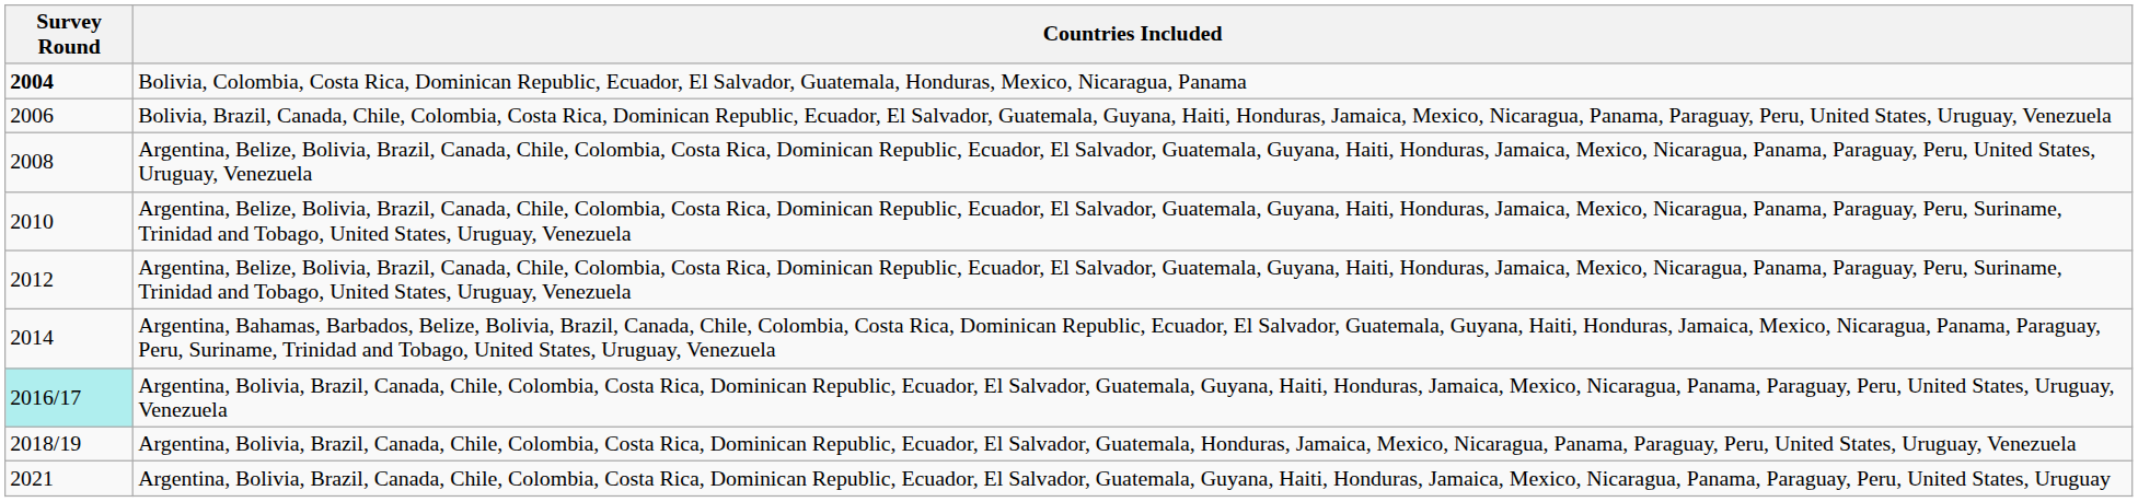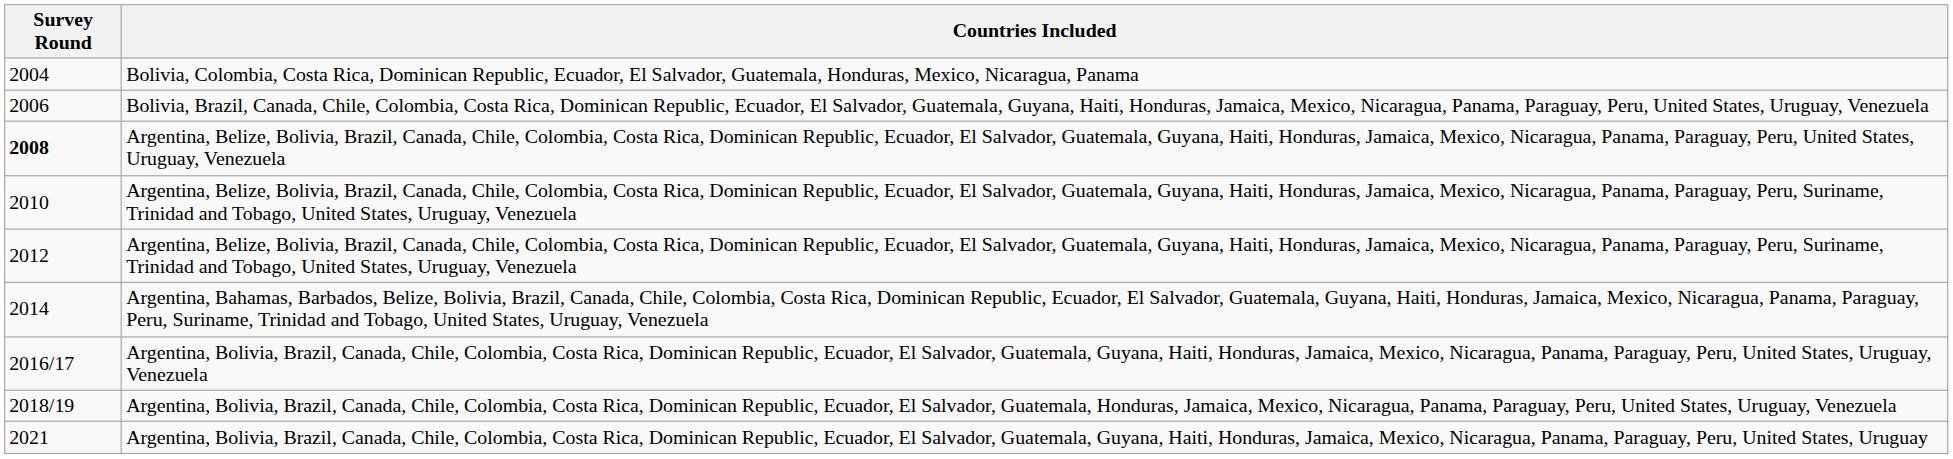 <table class="wikitable">
 <tr>
 <th>Survey Round</th>
 <th>Countries Included</th>
 </tr>
 <tr>
-<td><strong>2004</strong></td>
+<td>2004</td>
 <td>Bolivia, Colombia, Costa Rica, Dominican Republic, Ecuador, El Salvador, Guatemala, Honduras, Mexico, Nicaragua, Panama</td>
 </tr>
 <tr>
 <td>2006</td>
 <td>Bolivia, Brazil, Canada, Chile, Colombia, Costa Rica, Dominican Republic, Ecuador, El Salvador, Guatemala, Guyana, Haiti, Honduras, Jamaica, Mexico, Nicaragua, Panama, Paraguay, Peru, United States, Uruguay, Venezuela</td>
 </tr>
 <tr>
-<td>2008</td>
+<td><strong>2008</strong></td>
 <td>Argentina, Belize, Bolivia, Brazil, Canada, Chile, Colombia, Costa Rica, Dominican Republic, Ecuador, El Salvador, Guatemala, Guyana, Haiti, Honduras, Jamaica, Mexico, Nicaragua, Panama, Paraguay, Peru, United States, Uruguay, Venezuela</td>
 </tr>
 <tr>
 <td>2010</td>
 <td>Argentina, Belize, Bolivia, Brazil, Canada, Chile, Colombia, Costa Rica, Dominican Republic, Ecuador, El Salvador, Guatemala, Guyana, Haiti, Honduras, Jamaica, Mexico, Nicaragua, Panama, Paraguay, Peru, Suriname, Trinidad and Tobago, United States, Uruguay, Venezuela</td>
 </tr>
 <tr>
 <td>2012</td>
 <td>Argentina, Belize, Bolivia, Brazil, Canada, Chile, Colombia, Costa Rica, Dominican Republic, Ecuador, El Salvador, Guatemala, Guyana, Haiti, Honduras, Jamaica, Mexico, Nicaragua, Panama, Paraguay, Peru, Suriname, Trinidad and Tobago, United States, Uruguay, Venezuela</td>
 </tr>
 <tr>
 <td>2014</td>
 <td>Argentina, Bahamas, Barbados, Belize, Bolivia, Brazil, Canada, Chile, Colombia, Costa Rica, Dominican Republic, Ecuador, El Salvador, Guatemala, Guyana, Haiti, Honduras, Jamaica, Mexico, Nicaragua, Panama, Paraguay, Peru, Suriname, Trinidad and Tobago, United States, Uruguay, Venezuela</td>
 </tr>
 <tr>
-<td style="background: paleturquoise;">2016/17</td>
+<td>2016/17</td>
 <td>Argentina, Bolivia, Brazil, Canada, Chile, Colombia, Costa Rica, Dominican Republic, Ecuador, El Salvador, Guatemala, Guyana, Haiti, Honduras, Jamaica, Mexico, Nicaragua, Panama, Paraguay, Peru, United States, Uruguay, Venezuela</td>
 </tr>
 <tr>
 <td>2018/19</td>
 <td>Argentina, Bolivia, Brazil, Canada, Chile, Colombia, Costa Rica, Dominican Republic, Ecuador, El Salvador, Guatemala, Honduras, Jamaica, Mexico, Nicaragua, Panama, Paraguay, Peru, United States, Uruguay, Venezuela</td>
 </tr>
 <tr>
 <td>2021</td>
 <td>Argentina, Bolivia, Brazil, Canada, Chile, Colombia, Costa Rica, Dominican Republic, Ecuador, El Salvador, Guatemala, Guyana, Haiti, Honduras, Jamaica, Mexico, Nicaragua, Panama, Paraguay, Peru, United States, Uruguay</td>
 </tr>
 </table>
